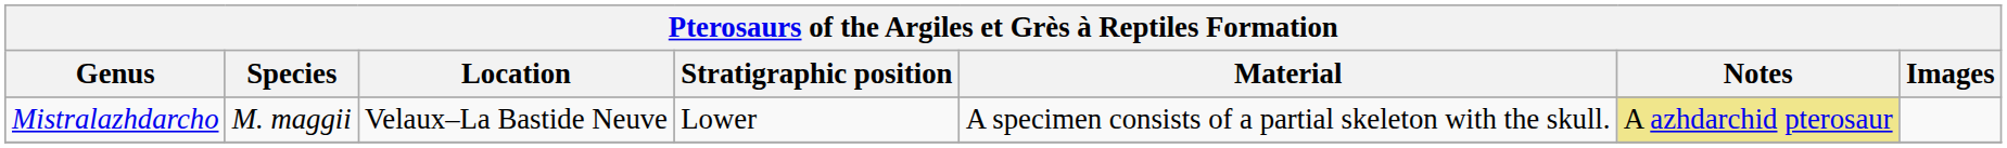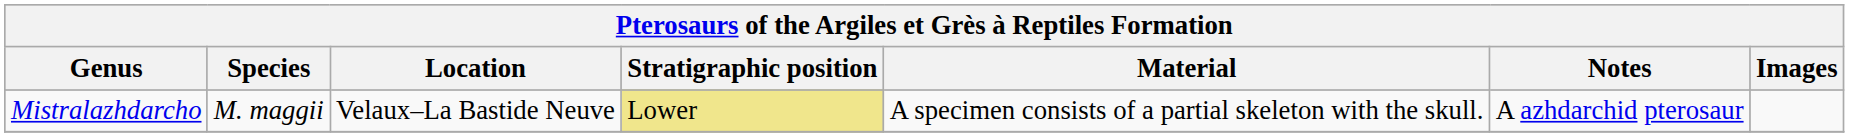 <table class="wikitable" align="center">
 <tr>
 <th colspan="7" align="center"><a href='#'>Pterosaurs</a> of the Argiles et Grès à Reptiles Formation</th>
 </tr>
 <tr>
 <th>Genus</th>
 <th>Species</th>
 <th>Location</th>
 <th>Stratigraphic position</th>
 <th>Material</th>
 <th>Notes</th>
 <th>Images</th>
 </tr>
 <tr>
 <td><em><a href='#'>Mistralazhdarcho</a></em></td>
 <td><em>M. maggii</em></td>
 <td>Velaux–La Bastide Neuve</td>
-<td>Lower</td>
+<td style="background: khaki;">Lower</td>
 <td>A specimen consists of a partial skeleton with the skull.</td>
-<td style="background: khaki;">A <a href='#'>azhdarchid</a> <a href='#'>pterosaur</a></td>
+<td>A <a href='#'>azhdarchid</a> <a href='#'>pterosaur</a></td>
 <td></td>
 </tr>
 <tr>
 </tr>
 </table>
